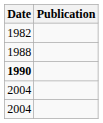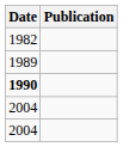 <table class="wikitable sortable">
 <tr>
 <th>Date</th>
 <th>Publication</th>
 </tr>
 <tr style="vertical-align:top;">
 <td>1982</td>
 <td></td>
 </tr>
 <tr style="vertical-align:top;">
-<td>1988</td>
+<td>1989</td>
 <td></td>
 </tr>
 <tr style="vertical-align:top;">
 <td><strong>1990</strong></td>
 <td></td>
 </tr>
 <tr style="vertical-align:top;">
 <td>2004</td>
 <td></td>
 </tr>
 <tr style="vertical-align:top;">
 <td>2004</td>
 <td></td>
 </tr>
 </table>
